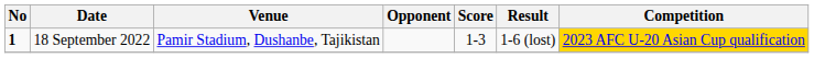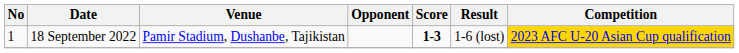 <table class="wikitable" style="font-size:100%;">
 <tr>
 <th>No</th>
 <th>Date</th>
 <th>Venue</th>
 <th>Opponent</th>
 <th>Score</th>
 <th>Result</th>
 <th>Competition</th>
 </tr>
 <tr>
-<td><strong>1</strong></td>
+<td>1</td>
 <td>18 September 2022</td>
 <td><a href='#'>Pamir Stadium</a>, <a href='#'>Dushanbe</a>, Tajikistan</td>
 <td></td>
-<td align=center>1-3</td>
+<td align=center><strong>1-3</strong></td>
 <td align=center>1-6 (lost)</td>
 <td style="background: gold;"><a href='#'>2023 AFC U-20 Asian Cup qualification</a></td>
 </tr>
 <tr>
 </tr>
 </table>
